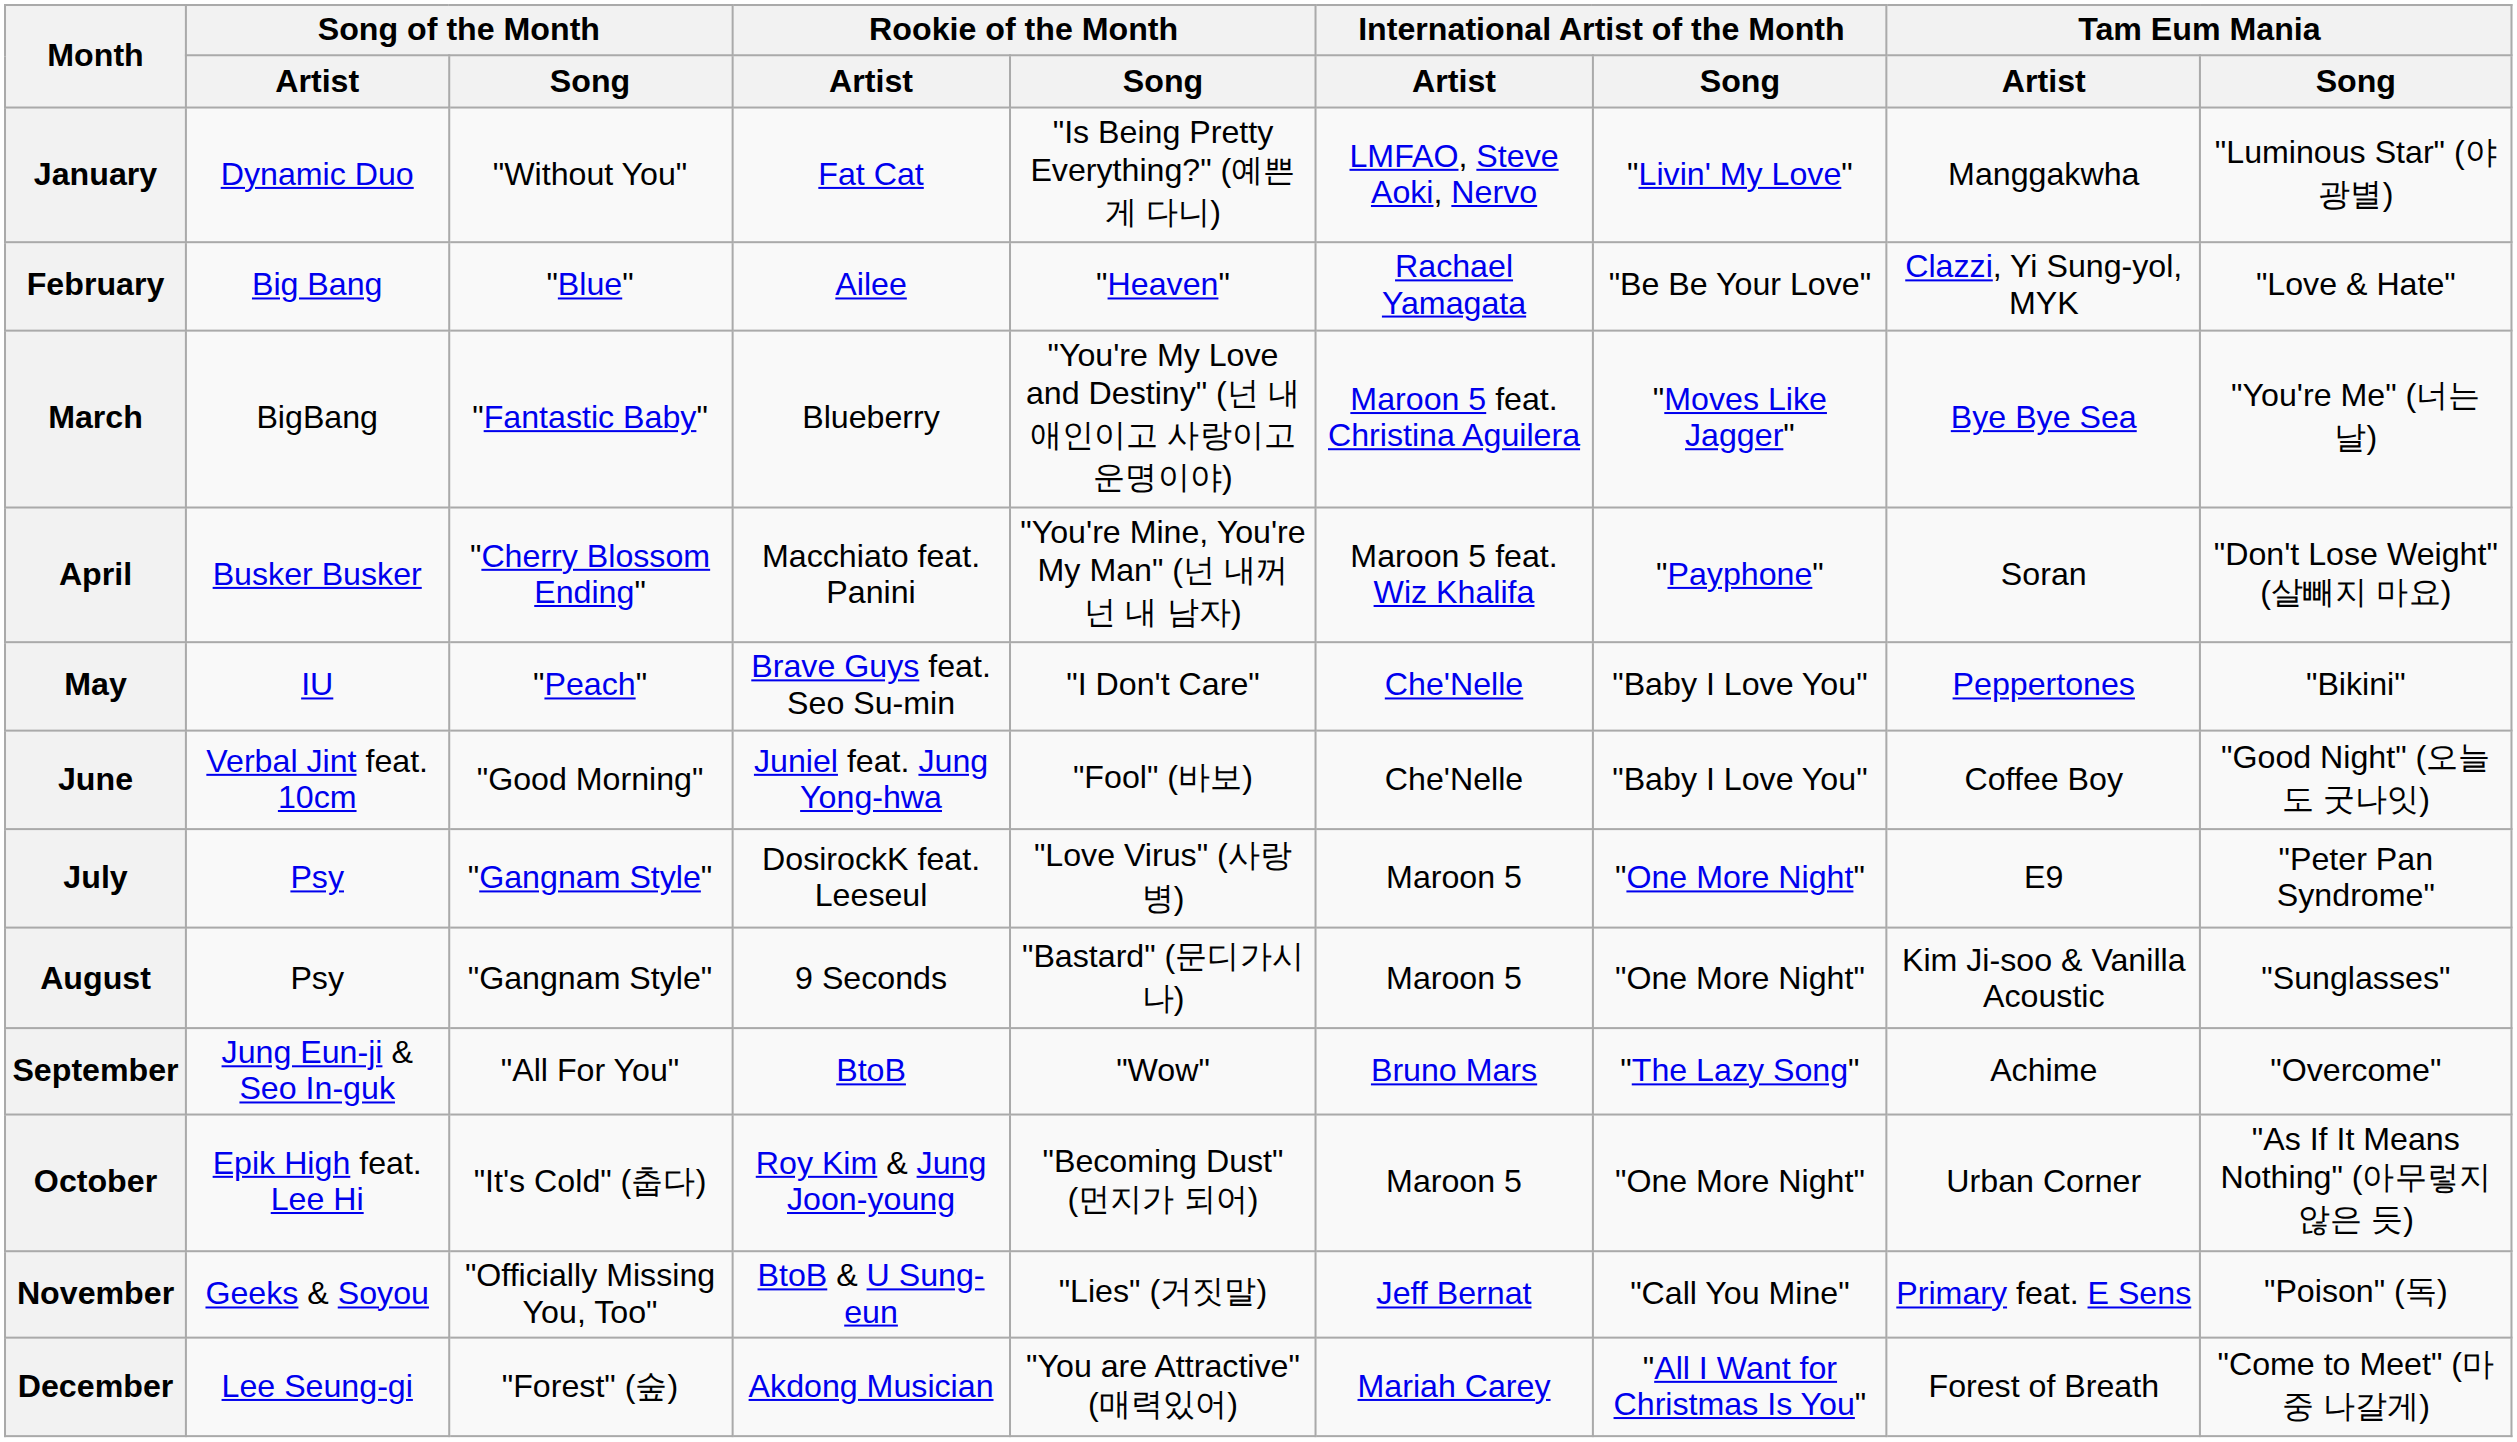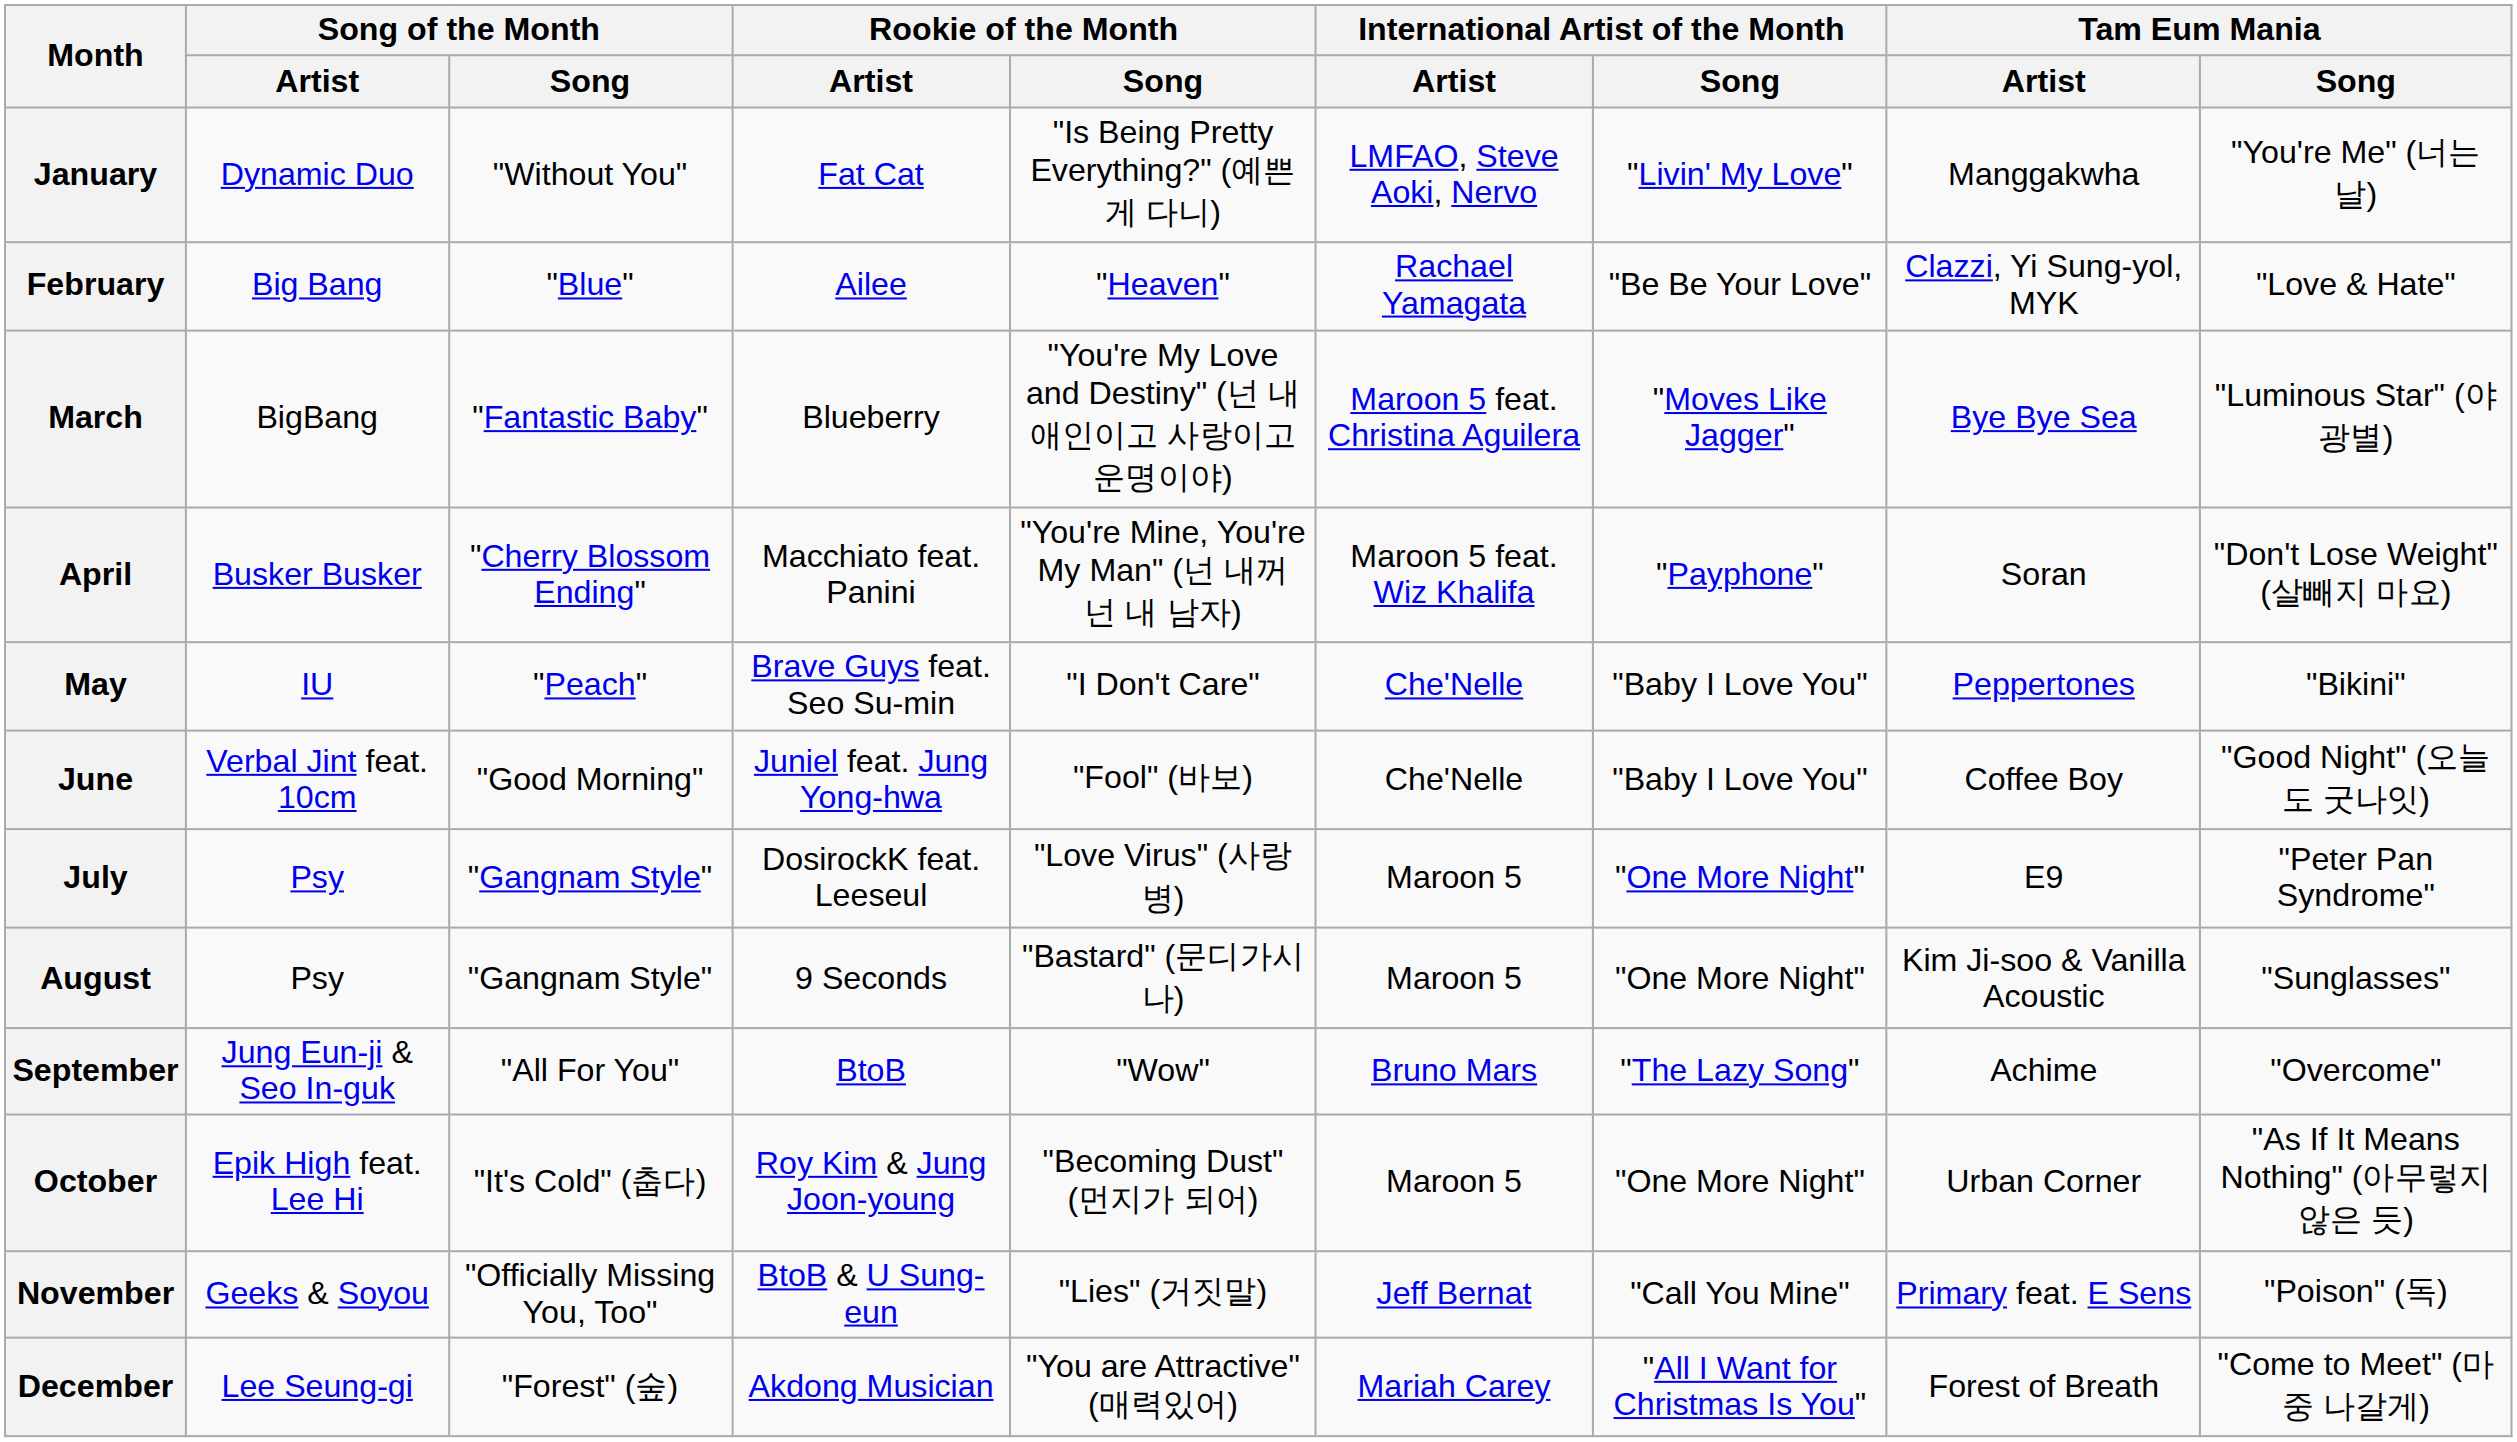 <table class="wikitable plainrowheaders" style="text-align:center;">
 <tr>
 <th rowspan="2" style="width:5em;">Month</th>
 <th colspan="2">Song of the Month</th>
 <th colspan="2">Rookie of the Month</th>
 <th colspan="2">International Artist of the Month</th>
 <th colspan="2">Tam Eum Mania</th>
 </tr>
 <tr>
 <th style="width:20em;">Artist</th>
 <th style="width:20em;">Song</th>
 <th style="width:20em;">Artist</th>
 <th style="width:20em;">Song</th>
 <th style="width:20em;">Artist</th>
 <th style="width:20em;">Song</th>
 <th style="width:20em;">Artist</th>
 <th style="width:20em;">Song</th>
 </tr>
 <tr>
 <th>January</th>
 <td><a href='#'>Dynamic Duo</a></td>
 <td>"Without You"</td>
 <td><a href='#'>Fat Cat</a></td>
 <td>"Is Being Pretty Everything?" (예쁜게 다니)</td>
 <td><a href='#'>LMFAO</a>, <a href='#'>Steve Aoki</a>, <a href='#'>Nervo</a></td>
 <td>"<a href='#'>Livin' My Love</a>"</td>
 <td>Manggakwha</td>
-<td>"Luminous Star" (야광별)</td>
+<td>"You're Me" (너는 날)</td>
 </tr>
 <tr>
 <th>February</th>
 <td><a href='#'>Big Bang</a></td>
 <td>"<a href='#'>Blue</a>"</td>
 <td><a href='#'>Ailee</a></td>
 <td>"<a href='#'>Heaven</a>"</td>
 <td><a href='#'>Rachael Yamagata</a></td>
 <td>"Be Be Your Love"</td>
 <td><a href='#'>Clazzi</a>, Yi Sung-yol, MYK</td>
 <td>"Love & Hate"</td>
 </tr>
 <tr>
 <th>March</th>
 <td>BigBang</td>
 <td>"<a href='#'>Fantastic Baby</a>"</td>
 <td>Blueberry</td>
 <td>"You're My Love and Destiny" (넌 내애인이고 사랑이고 운명이야)</td>
 <td><a href='#'>Maroon 5</a> feat. <a href='#'>Christina Aguilera</a></td>
 <td>"<a href='#'>Moves Like Jagger</a>"</td>
 <td><a href='#'>Bye Bye Sea</a></td>
-<td>"You're Me" (너는 날)</td>
+<td>"Luminous Star" (야광별)</td>
 </tr>
 <tr>
 <th>April</th>
 <td><a href='#'>Busker Busker</a></td>
 <td>"<a href='#'>Cherry Blossom Ending</a>"</td>
 <td>Macchiato feat. Panini</td>
 <td>"You're Mine, You're My Man" (넌 내꺼 넌 내 남자)</td>
 <td>Maroon 5 feat. <a href='#'>Wiz Khalifa</a></td>
 <td>"<a href='#'>Payphone</a>"</td>
 <td>Soran</td>
 <td>"Don't Lose Weight" (살빼지 마요)</td>
 </tr>
 <tr>
 <th>May</th>
 <td><a href='#'>IU</a></td>
 <td>"<a href='#'>Peach</a>"</td>
 <td><a href='#'>Brave Guys</a> feat. Seo Su-min</td>
 <td>"I Don't Care"</td>
 <td><a href='#'>Che'Nelle</a></td>
 <td>"Baby I Love You"</td>
 <td><a href='#'>Peppertones</a></td>
 <td>"Bikini"</td>
 </tr>
 <tr>
 <th>June</th>
 <td><a href='#'>Verbal Jint</a> feat. <a href='#'>10cm</a></td>
 <td>"Good Morning"</td>
 <td><a href='#'>Juniel</a> feat. <a href='#'>Jung Yong-hwa</a></td>
 <td>"Fool" (바보)</td>
 <td>Che'Nelle</td>
 <td>"Baby I Love You"</td>
 <td>Coffee Boy</td>
 <td>"Good Night" (오늘도 굿나잇)</td>
 </tr>
 <tr>
 <th>July</th>
 <td><a href='#'>Psy</a></td>
 <td>"<a href='#'>Gangnam Style</a>"</td>
 <td>DosirockK feat. Leeseul</td>
 <td>"Love Virus" (사랑병)</td>
 <td>Maroon 5</td>
 <td>"<a href='#'>One More Night</a>"</td>
 <td>E9</td>
 <td>"Peter Pan Syndrome"</td>
 </tr>
 <tr>
 <th>August</th>
 <td>Psy</td>
 <td>"Gangnam Style"</td>
 <td>9 Seconds</td>
 <td>"Bastard" (문디가시나)</td>
 <td>Maroon 5</td>
 <td>"One More Night"</td>
 <td>Kim Ji-soo & Vanilla Acoustic</td>
 <td>"Sunglasses"</td>
 </tr>
 <tr>
 <th>September</th>
 <td><a href='#'>Jung Eun-ji</a> & <a href='#'>Seo In-guk</a></td>
 <td>"All For You"</td>
 <td><a href='#'>BtoB</a></td>
 <td>"Wow"</td>
 <td><a href='#'>Bruno Mars</a></td>
 <td>"<a href='#'>The Lazy Song</a>"</td>
 <td>Achime</td>
 <td>"Overcome"</td>
 </tr>
 <tr>
 <th>October</th>
 <td><a href='#'>Epik High</a> feat. <a href='#'>Lee Hi</a></td>
 <td>"It's Cold" (춥다)</td>
 <td><a href='#'>Roy Kim</a> & <a href='#'>Jung Joon-young</a></td>
 <td>"Becoming Dust" (먼지가 되어)</td>
 <td>Maroon 5</td>
 <td>"One More Night"</td>
 <td>Urban Corner</td>
 <td>"As If It Means Nothing" (아무렇지 않은 듯)</td>
 </tr>
 <tr>
 <th>November</th>
 <td><a href='#'>Geeks</a> & <a href='#'>Soyou</a></td>
 <td>"Officially Missing You, Too"</td>
 <td><a href='#'>BtoB</a> & <a href='#'>U Sung-eun</a></td>
 <td>"Lies" (거짓말)</td>
 <td><a href='#'>Jeff Bernat</a></td>
 <td>"Call You Mine"</td>
 <td><a href='#'>Primary</a> feat. <a href='#'>E Sens</a></td>
 <td>"Poison" (독)</td>
 </tr>
 <tr>
 <th>December</th>
 <td><a href='#'>Lee Seung-gi</a></td>
 <td>"Forest" (숲)</td>
 <td><a href='#'>Akdong Musician</a></td>
 <td>"You are Attractive" (매력있어)</td>
 <td><a href='#'>Mariah Carey</a></td>
 <td>"<a href='#'>All I Want for Christmas Is You</a>"</td>
 <td>Forest of Breath</td>
 <td>"Come to Meet" (마중 나갈게)</td>
 </tr>
 </table>
